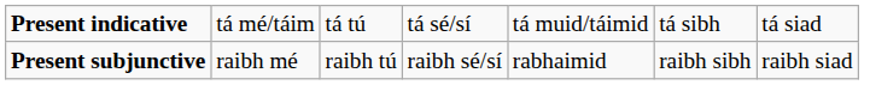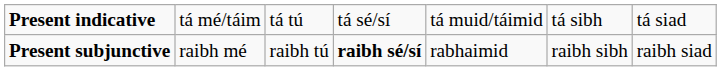 <table class="wikitable">
 <tr>
 <td><strong>Present indicative</strong></td>
 <td>tá mé/táim</td>
 <td>tá tú</td>
 <td>tá sé/sí</td>
 <td>tá muid/táimid</td>
 <td>tá sibh</td>
 <td>tá siad</td>
 </tr>
 <tr>
 <td><strong>Present subjunctive</strong></td>
 <td>raibh mé</td>
 <td>raibh tú</td>
-<td>raibh sé/sí</td>
+<td><strong>raibh sé/sí</strong></td>
 <td>rabhaimid</td>
 <td>raibh sibh</td>
 <td>raibh siad</td>
 </tr>
 </table>
